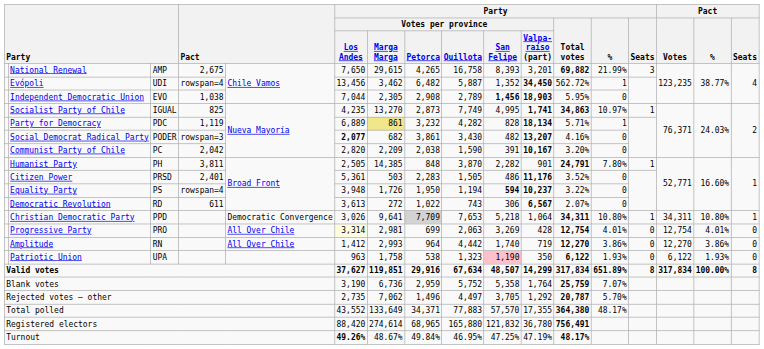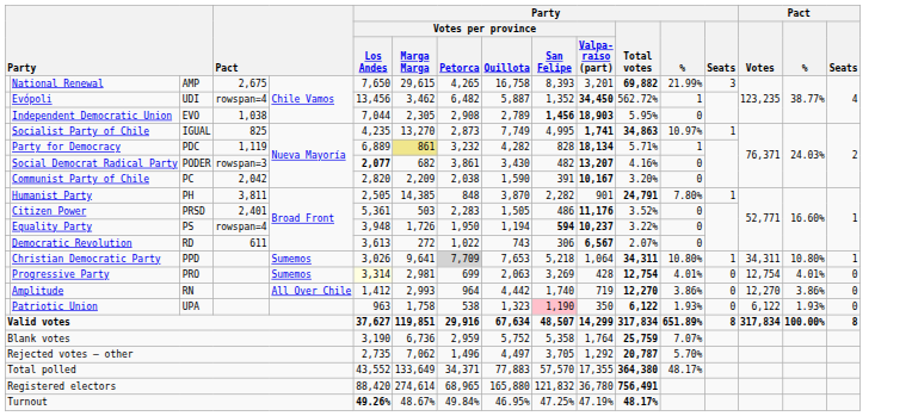 <table class="wikitable" border="1" style="font-size:90%; text-align:right; white-space: nowrap;">
 <tr>
 <th style="text-align:left;" valign=bottom rowspan=3 colspan=3>Party</th>
 <th style="text-align:left;" valign=bottom rowspan=3 colspan=2>Pact</th>
 <th colspan=9>Party</th>
 <th colspan=3>Pact</th>
 </tr>
 <tr>
 <th colspan=6>Votes per province</th>
 <th align=center valign=bottom rowspan=2 width="40">Total<br>votes</th>
 <th align=center valign=bottom rowspan=2 width="40">%</th>
 <th align=center valign=bottom rowspan=2>Seats</th>
 <th align=center valign=bottom rowspan=2 width="40">Votes</th>
 <th align=center valign=bottom rowspan=2 width="40">%</th>
 <th align=center valign=bottom rowspan=2>Seats</th>
 </tr>
 <tr>
 <th align=center valign=bottom width="40"><a href='#'>Los<br>Andes</a></th>
 <th align=center valign=bottom width="40"><a href='#'>Marga<br>Marga</a></th>
 <th align=center valign=bottom width="40"><a href='#'>Petorca</a></th>
 <th align=center valign=bottom width="40"><a href='#'>Quillota</a></th>
 <th align=center valign=bottom width="40"><a href='#'>San<br>Felipe</a></th>
 <th align=center valign=bottom width="40"><a href='#'>Valpa-<br>raíso</a><br>(part)</th>
 </tr>
 <tr>
 <td></td>
 <td align=left><a href='#'>National Renewal</a></td>
 <td align=left>AMP</td>
 <td>2,675</td>
 <td rowspan=3 align=left><a href='#'>Chile Vamos</a></td>
 <td>7,650</td>
 <td>29,615</td>
 <td>4,265</td>
 <td>16,758</td>
 <td>8,393</td>
 <td>3,201</td>
 <td><strong>69,882</strong></td>
 <td>21.99%</td>
 <td>3</td>
 <td rowspan=3>123,235</td>
 <td rowspan=3>38.77%</td>
 <td rowspan=3>4</td>
 </tr>
 <tr>
 <td></td>
 <td align=left><a href='#'>Evópoli</a></td>
 <td align=left>UDI</td>
 <td>rowspan=4 </td>
 <td>13,456</td>
 <td>3,462</td>
 <td>6,482</td>
 <td>5,887</td>
 <td>1,352</td>
 <td><strong>34,450</strong></td>
 <td>562.72%</td>
 <td>1</td>
 </tr>
 <tr>
 <td></td>
 <td align=left><a href='#'>Independent Democratic Union</a></td>
 <td align=left>EVO</td>
 <td>1,038</td>
 <td>7,044</td>
 <td>2,305</td>
 <td>2,908</td>
 <td>2,789</td>
 <td><strong>1,456</strong></td>
 <td><strong>18,903</strong></td>
 <td>5.95%</td>
 <td>0</td>
 </tr>
 <tr>
 <td></td>
 <td align=left><a href='#'>Socialist Party of Chile</a></td>
 <td align=left>IGUAL</td>
 <td>825</td>
 <td rowspan=4 align=left><a href='#'>Nueva Mayoría</a></td>
 <td>4,235</td>
 <td>13,270</td>
 <td>2,873</td>
 <td>7,749</td>
 <td>4,995</td>
 <td><strong>1,741</strong></td>
 <td><strong>34,863</strong></td>
 <td>10.97%</td>
 <td>1</td>
 <td rowspan=4>76,371</td>
 <td rowspan=4>24.03%</td>
 <td rowspan=4>2</td>
 </tr>
 <tr>
 <td></td>
 <td align=left><a href='#'>Party for Democracy</a></td>
 <td align=left>PDC</td>
 <td>1,119</td>
 <td>6,889</td>
 <td style="background: khaki;">861</td>
 <td>3,232</td>
 <td>4,282</td>
 <td>828</td>
 <td><strong>18,134</strong></td>
 <td>5.71%</td>
 <td>1</td>
 </tr>
 <tr>
 <td></td>
 <td align=left><a href='#'>Social Democrat Radical Party</a></td>
 <td align=left>PODER</td>
 <td>rowspan=3 </td>
 <td><strong>2,077</strong></td>
 <td>682</td>
 <td>3,861</td>
 <td>3,430</td>
 <td>482</td>
 <td><strong>13,207</strong></td>
 <td>4.16%</td>
 <td>0</td>
 </tr>
 <tr>
 <td></td>
 <td align=left><a href='#'>Communist Party of Chile</a></td>
 <td align=left>PC</td>
 <td>2,042</td>
 <td>2,820</td>
 <td>2,209</td>
 <td>2,038</td>
 <td>1,590</td>
 <td>391</td>
 <td><strong>10,167</strong></td>
 <td>3.20%</td>
 <td>0</td>
 </tr>
 <tr>
 <td></td>
 <td align=left><a href='#'>Humanist Party</a></td>
 <td align=left>PH</td>
 <td>3,811</td>
 <td rowspan=4 align=left><a href='#'>Broad Front</a></td>
 <td>2,505</td>
 <td>14,385</td>
 <td>848</td>
 <td>3,870</td>
 <td>2,282</td>
 <td>901</td>
 <td><strong>24,791</strong></td>
 <td>7.80%</td>
 <td>1</td>
 <td rowspan=4>52,771</td>
 <td rowspan=4>16.60%</td>
 <td rowspan=4>1</td>
 </tr>
 <tr>
 <td></td>
 <td align=left><a href='#'>Citizen Power</a></td>
 <td align=left>PRSD</td>
 <td>2,401</td>
 <td>5,361</td>
 <td>503</td>
 <td>2,283</td>
 <td>1,505</td>
 <td>486</td>
 <td><strong>11,176</strong></td>
 <td>3.52%</td>
 <td>0</td>
 </tr>
 <tr>
 <td></td>
 <td align=left><a href='#'>Equality Party</a></td>
 <td align=left>PS</td>
 <td>rowspan=4 </td>
 <td>3,948</td>
 <td>1,726</td>
 <td>1,950</td>
 <td>1,194</td>
 <td><strong>594</strong></td>
 <td><strong>10,237</strong></td>
 <td>3.22%</td>
 <td>0</td>
 </tr>
 <tr>
 <td></td>
 <td align=left><a href='#'>Democratic Revolution</a></td>
 <td align=left>RD</td>
 <td>611</td>
 <td>3,613</td>
 <td>272</td>
 <td>1,022</td>
 <td>743</td>
 <td>306</td>
 <td><strong>6,567</strong></td>
 <td>2.07%</td>
 <td>0</td>
 </tr>
 <tr>
 <td></td>
 <td align=left><a href='#'>Christian Democratic Party</a></td>
 <td align=left>PPD</td>
 <td></td>
-<td align=left>Democratic Convergence</td>
+<td align=left><a href='#'>Sumemos</a></td>
 <td>3,026</td>
 <td>9,641</td>
 <td style="background: lightgrey;">7,709</td>
 <td>7,653</td>
 <td>5,218</td>
 <td>1,064</td>
 <td><strong>34,311</strong></td>
 <td>10.80%</td>
 <td>1</td>
 <td>34,311</td>
 <td>10.80%</td>
 <td>1</td>
 </tr>
 <tr>
 <td></td>
 <td align=left><a href='#'>Progressive Party</a></td>
 <td align=left>PRO</td>
 <td></td>
-<td align=left><a href='#'>All Over Chile</a></td>
+<td align=left><a href='#'>Sumemos</a></td>
 <td style="background: lightyellow;">3,314</td>
 <td>2,981</td>
 <td>699</td>
 <td>2,063</td>
 <td>3,269</td>
 <td>428</td>
 <td><strong>12,754</strong></td>
 <td>4.01%</td>
 <td>0</td>
 <td>12,754</td>
 <td>4.01%</td>
 <td>0</td>
 </tr>
 <tr>
 <td></td>
 <td align=left><a href='#'>Amplitude</a></td>
 <td align=left>RN</td>
 <td></td>
 <td align=left><a href='#'>All Over Chile</a></td>
 <td>1,412</td>
 <td>2,993</td>
 <td>964</td>
 <td>4,442</td>
 <td>1,740</td>
 <td>719</td>
 <td><strong>12,270</strong></td>
 <td>3.86%</td>
 <td>0</td>
 <td>12,270</td>
 <td>3.86%</td>
 <td>0</td>
 </tr>
 <tr>
 <td></td>
 <td align=left><a href='#'>Patriotic Union</a></td>
 <td align=left>UPA</td>
 <td></td>
 <td></td>
 <td>963</td>
 <td>1,758</td>
 <td>538</td>
 <td>1,323</td>
 <td style="background: pink;">1,190</td>
 <td>350</td>
 <td><strong>6,122</strong></td>
 <td>1.93%</td>
 <td>0</td>
 <td>6,122</td>
 <td>1.93%</td>
 <td>0</td>
 </tr>
 <tr style="font-weight:bold">
 <td align=left colspan=5>Valid votes</td>
 <td>37,627</td>
 <td>119,851</td>
 <td>29,916</td>
 <td>67,634</td>
 <td>48,507</td>
 <td>14,299</td>
 <td>317,834</td>
 <td>651.89%</td>
 <td>8</td>
 <td>317,834</td>
 <td>100.00%</td>
 <td>8</td>
 </tr>
 <tr>
 <td align=left colspan=5>Blank votes</td>
 <td>3,190</td>
 <td>6,736</td>
 <td>2,959</td>
 <td>5,752</td>
 <td>5,358</td>
 <td>1,764</td>
 <td><strong>25,759</strong></td>
 <td>7.07%</td>
 <td></td>
 <td></td>
 <td></td>
 <td></td>
 </tr>
 <tr>
 <td align=left colspan=5>Rejected votes – other</td>
 <td>2,735</td>
 <td>7,062</td>
 <td>1,496</td>
 <td>4,497</td>
 <td>3,705</td>
 <td>1,292</td>
 <td><strong>20,787</strong></td>
 <td>5.70%</td>
 <td></td>
 <td></td>
 <td></td>
 <td></td>
 </tr>
 <tr>
 <td align=left colspan=5>Total polled</td>
 <td>43,552</td>
 <td>133,649</td>
 <td>34,371</td>
 <td>77,883</td>
 <td>57,570</td>
 <td>17,355</td>
 <td><strong>364,380</strong></td>
 <td>48.17%</td>
 <td></td>
 <td></td>
 <td></td>
 <td></td>
 </tr>
 <tr>
 <td align=left colspan=5>Registered electors</td>
 <td>88,420</td>
 <td>274,614</td>
 <td>68,965</td>
 <td>165,880</td>
 <td>121,832</td>
 <td>36,780</td>
 <td><strong>756,491</strong></td>
 <td></td>
 <td></td>
 <td></td>
 <td></td>
 <td></td>
 </tr>
 <tr>
 <td align=left colspan=5>Turnout</td>
 <td><strong>49.26%</strong></td>
 <td>48.67%</td>
 <td>49.84%</td>
 <td>46.95%</td>
 <td>47.25%</td>
 <td>47.19%</td>
 <td><strong>48.17%</strong></td>
 <td></td>
 <td></td>
 <td></td>
 <td></td>
 <td></td>
 </tr>
 </table>
